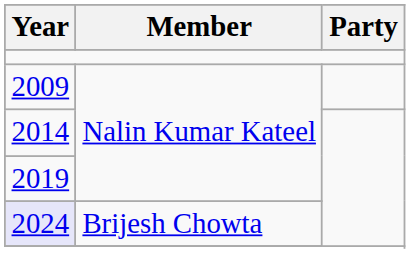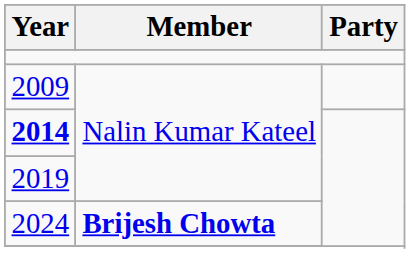 <table class="wikitable">
 <tr>
 <th>Year</th>
 <th>Member</th>
 <th colspan="2">Party</th>
 </tr>
 <tr>
 <td colspan="4"></td>
 </tr>
 <tr>
 <td><a href='#'>2009</a></td>
 <td rowspan="3"><a href='#'>Nalin Kumar Kateel</a></td>
 <td></td>
 </tr>
 <tr>
-<td><a href='#'>2014</a></td>
+<td><strong><a href='#'>2014</a></strong></td>
 </tr>
 <tr>
 <td><a href='#'>2019</a></td>
 </tr>
 <tr>
-<td style="background: lavender;"><a href='#'>2024</a></td>
-<td><a href='#'>Brijesh Chowta</a></td>
+<td><a href='#'>2024</a></td>
+<td><strong><a href='#'>Brijesh Chowta</a></strong></td>
 </tr>
 <tr>
 </tr>
 </table>
